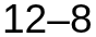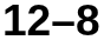 <table style="text-align:center">
 <tr>
 <th width=200></th>
 <th width=100></th>
 <th width=200></th>
 </tr>
 <tr>
 <td align=right><strong></strong></td>
-<td>12–8</td>
+<td><strong>12–8</strong></td>
 <td align=left></td>
 </tr>
 </table>
